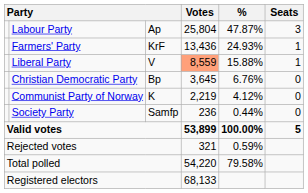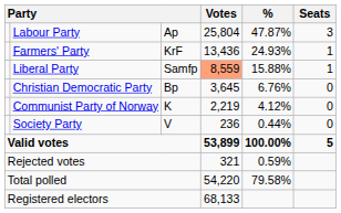 <table class="wikitable" border="1" style="text-align:right;">
 <tr>
 <th style="text-align:left;" colspan=3>Party</th>
 <th align=center width="50">Votes</th>
 <th align=center width="50">%</th>
 <th align=center width="50">Seats</th>
 </tr>
 <tr>
 <td></td>
 <td align=left><a href='#'>Labour Party</a></td>
 <td align=left>Ap</td>
 <td>25,804</td>
 <td>47.87%</td>
 <td>3</td>
 </tr>
 <tr>
 <td></td>
 <td align=left><a href='#'>Farmers' Party</a></td>
 <td align=left>KrF</td>
 <td>13,436</td>
 <td>24.93%</td>
 <td>1</td>
 </tr>
 <tr>
 <td></td>
 <td align=left><a href='#'>Liberal Party</a></td>
-<td align=left>V</td>
+<td align=left>Samfp</td>
 <td style="background: lightsalmon;">8,559</td>
 <td>15.88%</td>
 <td>1</td>
 </tr>
 <tr>
 <td></td>
 <td align=left><a href='#'>Christian Democratic Party</a></td>
 <td align=left>Bp</td>
 <td>3,645</td>
 <td>6.76%</td>
 <td>0</td>
 </tr>
 <tr>
 <td></td>
 <td align=left><a href='#'>Communist Party of Norway</a></td>
 <td align=left>K</td>
 <td>2,219</td>
 <td>4.12%</td>
 <td>0</td>
 </tr>
 <tr>
 <td></td>
 <td align=left><a href='#'>Society Party</a></td>
-<td align=left>Samfp</td>
+<td align=left>V</td>
 <td>236</td>
 <td>0.44%</td>
 <td>0</td>
 </tr>
 <tr style="font-weight:bold">
 <td align=left colspan=3>Valid votes</td>
 <td>53,899</td>
 <td>100.00%</td>
 <td>5</td>
 </tr>
 <tr>
 <td align=left colspan=3>Rejected votes</td>
 <td>321</td>
 <td>0.59%</td>
 <td></td>
 </tr>
 <tr>
 <td align=left colspan=3>Total polled</td>
 <td>54,220</td>
 <td>79.58%</td>
 <td></td>
 </tr>
 <tr>
 <td align=left colspan=3>Registered electors</td>
 <td>68,133</td>
 <td></td>
 <td></td>
 </tr>
 </table>
